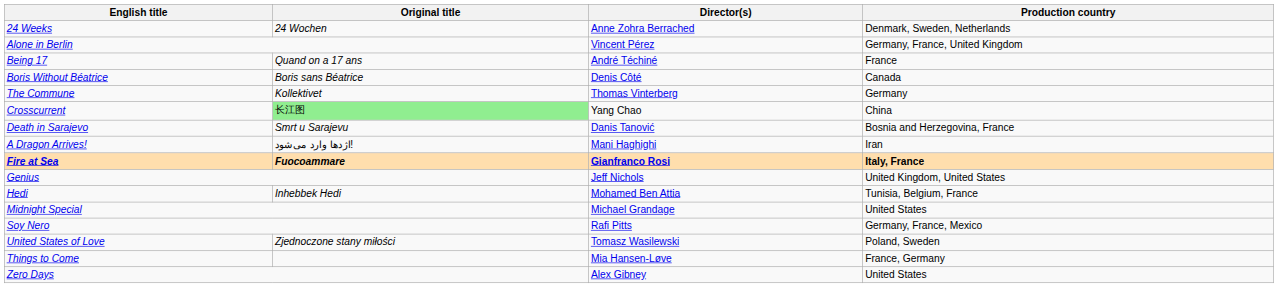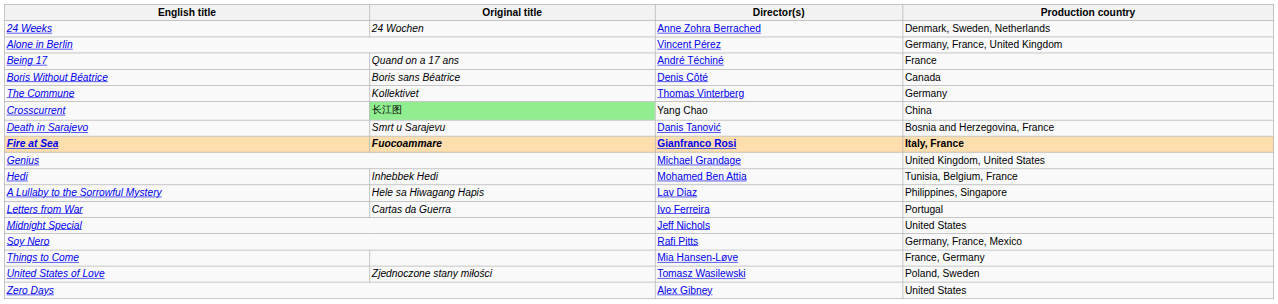 <table class="wikitable" width="100%" cellpadding="5">
 <tr>
 <th scope="col">English title</th>
 <th scope="col">Original title</th>
 <th scope="col">Director(s)</th>
 <th scope="col">Production country</th>
 </tr>
 <tr>
 <td><em><a href='#'>24 Weeks</a></em></td>
 <td><em>24 Wochen</em></td>
 <td><a href='#'>Anne Zohra Berrached</a></td>
 <td>Denmark, Sweden, Netherlands</td>
 </tr>
 <tr>
 <td colspan="2"><em><a href='#'>Alone in Berlin</a></em></td>
 <td><a href='#'>Vincent Pérez</a></td>
 <td>Germany, France, United Kingdom</td>
 </tr>
 <tr>
 <td><em><a href='#'>Being 17</a></em></td>
 <td><em>Quand on a 17 ans</em></td>
 <td><a href='#'>André Téchiné</a></td>
 <td>France</td>
 </tr>
 <tr>
 <td><em><a href='#'>Boris Without Béatrice</a></em></td>
 <td><em>Boris sans Béatrice</em></td>
 <td><a href='#'>Denis Côté</a></td>
 <td>Canada</td>
 </tr>
 <tr>
 <td><em><a href='#'>The Commune</a></em></td>
 <td><em>Kollektivet</em></td>
 <td><a href='#'>Thomas Vinterberg</a></td>
 <td>Germany</td>
 </tr>
 <tr>
 <td><em><a href='#'>Crosscurrent</a></em></td>
 <td style="background: lightgreen;">长江图</td>
 <td>Yang Chao</td>
 <td>China</td>
 </tr>
 <tr>
 <td><em><a href='#'>Death in Sarajevo</a></em></td>
 <td><em>Smrt u Sarajevu</em></td>
 <td><a href='#'>Danis Tanović</a></td>
 <td>Bosnia and Herzegovina, France</td>
 </tr>
-<tr>
-<td><em><a href='#'>A Dragon Arrives!</a></em></td>
-<td>اژدها وارد می‌شود!</td>
-<td><a href='#'>Mani Haghighi</a></td>
-<td>Iran</td>
-</tr>
 <tr style="background:#FFDEAD;">
 <td><strong><em><a href='#'>Fire at Sea</a></em></strong></td>
 <td><strong><em>Fuocoammare</em></strong></td>
 <td><a href='#'><strong>Gianfranco Rosi</strong></a></td>
 <td><strong>Italy, France</strong></td>
 </tr>
 <tr>
 <td colspan=2><em><a href='#'>Genius</a></em></td>
-<td><a href='#'>Jeff Nichols</a></td>
+<td><a href='#'>Michael Grandage</a></td>
 <td>United Kingdom, United States</td>
 </tr>
 <tr>
 <td><em><a href='#'>Hedi</a></em></td>
 <td><em>Inhebbek Hedi</em></td>
 <td><a href='#'>Mohamed Ben Attia</a></td>
 <td>Tunisia, Belgium, France</td>
 </tr>
 <tr>
+<td><em><a href='#'>A Lullaby to the Sorrowful Mystery</a></em></td>
+<td><em>Hele sa Hiwagang Hapis</em></td>
+<td><a href='#'>Lav Diaz</a></td>
+<td>Philippines, Singapore</td>
+</tr>
+<tr>
+<td><em><a href='#'>Letters from War</a></em></td>
+<td><em>Cartas da Guerra</em></td>
+<td><a href='#'>Ivo Ferreira</a></td>
+<td>Portugal</td>
+</tr>
+<tr>
 <td colspan="2"><em><a href='#'>Midnight Special</a></em></td>
-<td><a href='#'>Michael Grandage</a></td>
+<td><a href='#'>Jeff Nichols</a></td>
 <td>United States</td>
 </tr>
 <tr>
 <td colspan=2><em><a href='#'>Soy Nero</a></em></td>
 <td><a href='#'>Rafi Pitts</a></td>
 <td>Germany, France, Mexico</td>
 </tr>
 <tr>
+<td><em><a href='#'>Things to Come</a></em></td>
+<td></td>
+<td><a href='#'>Mia Hansen-Løve</a></td>
+<td>France, Germany</td>
+</tr>
+<tr>
 <td><em><a href='#'>United States of Love</a></em></td>
 <td><em>Zjednoczone stany miłości</em></td>
 <td><a href='#'>Tomasz Wasilewski</a></td>
 <td>Poland, Sweden</td>
-</tr>
-<tr>
-<td><em><a href='#'>Things to Come</a></em></td>
-<td></td>
-<td><a href='#'>Mia Hansen-Løve</a></td>
-<td>France, Germany</td>
 </tr>
 <tr>
 <td colspan="2"><em><a href='#'>Zero Days</a></em></td>
 <td><a href='#'>Alex Gibney</a></td>
 <td>United States</td>
 </tr>
 </table>
